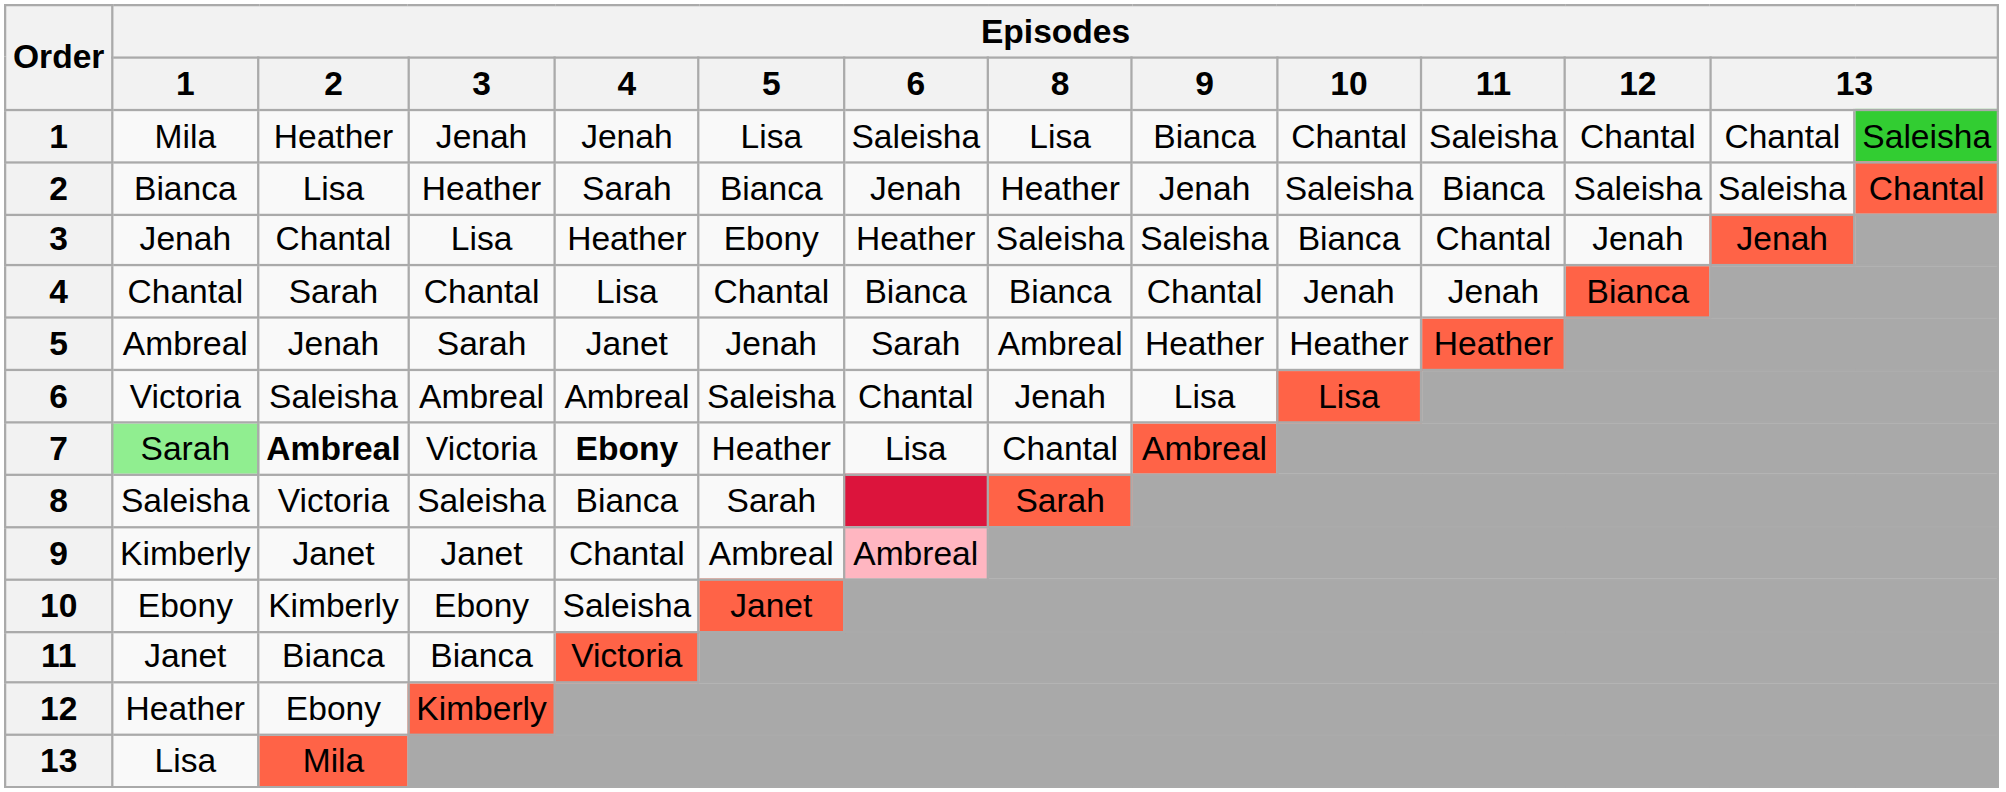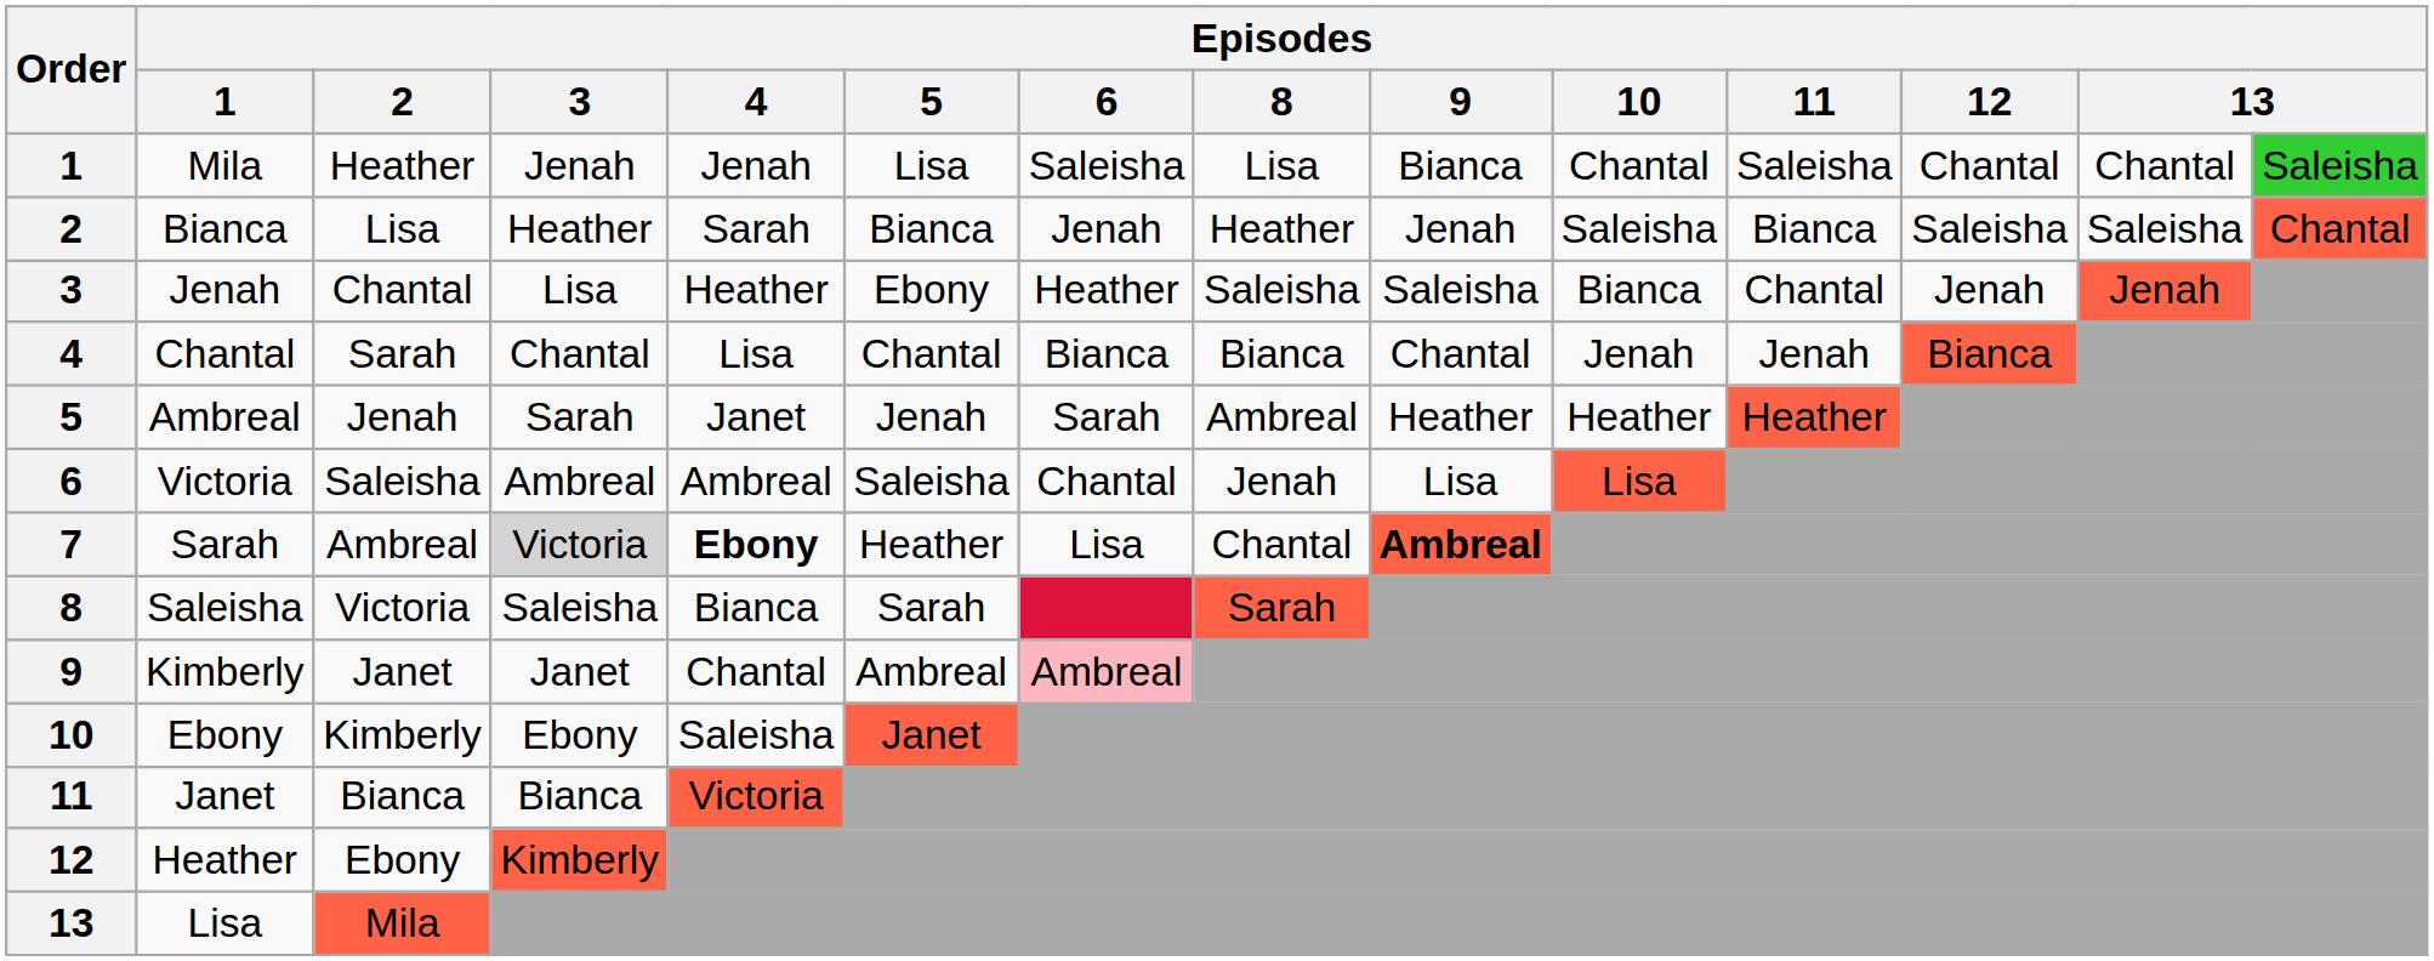 <table class="wikitable" style="text-align:center; font-size:92%">
 <tr>
 <th rowspan=2>Order</th>
 <th colspan=13>Episodes</th>
 </tr>
 <tr>
 <th>1</th>
 <th>2</th>
 <th>3</th>
 <th>4</th>
 <th>5</th>
 <th>6</th>
 <th>8</th>
 <th>9</th>
 <th>10</th>
 <th>11</th>
 <th>12</th>
 <th colspan=2>13</th>
 </tr>
 <tr>
 <th>1</th>
 <td>Mila</td>
 <td>Heather</td>
 <td>Jenah</td>
 <td>Jenah</td>
 <td>Lisa</td>
 <td>Saleisha</td>
 <td>Lisa</td>
 <td>Bianca</td>
 <td>Chantal</td>
 <td>Saleisha</td>
 <td>Chantal</td>
 <td>Chantal</td>
 <td style="background:limegreen;">Saleisha</td>
 </tr>
 <tr>
 <th>2</th>
 <td>Bianca</td>
 <td>Lisa</td>
 <td>Heather</td>
 <td>Sarah</td>
 <td>Bianca</td>
 <td>Jenah</td>
 <td>Heather</td>
 <td>Jenah</td>
 <td>Saleisha</td>
 <td>Bianca</td>
 <td>Saleisha</td>
 <td>Saleisha</td>
 <td style="background:tomato;">Chantal</td>
 </tr>
 <tr>
 <th>3</th>
 <td>Jenah</td>
 <td>Chantal</td>
 <td>Lisa</td>
 <td>Heather</td>
 <td>Ebony</td>
 <td>Heather</td>
 <td>Saleisha</td>
 <td>Saleisha</td>
 <td>Bianca</td>
 <td>Chantal</td>
 <td>Jenah</td>
 <td style="background:tomato;">Jenah</td>
 <td style="background:darkgray;" colspan=1></td>
 </tr>
 <tr>
 <th>4</th>
 <td>Chantal</td>
 <td>Sarah</td>
 <td>Chantal</td>
 <td>Lisa</td>
 <td>Chantal</td>
 <td>Bianca</td>
 <td>Bianca</td>
 <td>Chantal</td>
 <td>Jenah</td>
 <td>Jenah</td>
 <td style="background:tomato;">Bianca</td>
 <td style="background:darkgray;" colspan=2></td>
 </tr>
 <tr>
 <th>5</th>
 <td>Ambreal</td>
 <td>Jenah</td>
 <td>Sarah</td>
 <td>Janet</td>
 <td>Jenah</td>
 <td>Sarah</td>
 <td>Ambreal</td>
 <td>Heather</td>
 <td>Heather</td>
 <td style="background:tomato;">Heather</td>
 <td style="background:darkgrey" colspan=3></td>
 </tr>
 <tr>
 <th>6</th>
 <td>Victoria</td>
 <td>Saleisha</td>
 <td>Ambreal</td>
 <td>Ambreal</td>
 <td>Saleisha</td>
 <td>Chantal</td>
 <td>Jenah</td>
 <td>Lisa</td>
 <td style="background:tomato;">Lisa</td>
 <td style="background:darkgray;" colspan=4></td>
 </tr>
 <tr>
 <th>7</th>
-<td style="background: lightgreen;">Sarah</td>
-<td><strong>Ambreal</strong></td>
-<td>Victoria</td>
+<td>Sarah</td>
+<td>Ambreal</td>
+<td style="background: lightgrey;">Victoria</td>
 <td><strong>Ebony</strong></td>
 <td>Heather</td>
 <td>Lisa</td>
 <td>Chantal</td>
-<td style="background:tomato;">Ambreal</td>
+<td style="background:tomato;"><strong>Ambreal</strong></td>
 <td style="background:darkgray;" colspan=5></td>
 </tr>
 <tr>
 <th>8</th>
 <td>Saleisha</td>
 <td>Victoria</td>
 <td>Saleisha</td>
 <td>Bianca</td>
 <td>Sarah</td>
 <td bgcolor="crimson"></td>
 <td style="background:tomato;">Sarah</td>
 <td style="background:darkgray;" colspan=6></td>
 </tr>
 <tr>
 <th>9</th>
 <td>Kimberly</td>
 <td>Janet</td>
 <td>Janet</td>
 <td>Chantal</td>
 <td>Ambreal</td>
 <td bgcolor="lightpink">Ambreal</td>
 <td colspan="7" style="background:darkgray;"></td>
 </tr>
 <tr>
 <th>10</th>
 <td>Ebony</td>
 <td>Kimberly</td>
 <td>Ebony</td>
 <td>Saleisha</td>
 <td style="background:tomato;">Janet</td>
 <td colspan="8" style="background:darkgray;"></td>
 </tr>
 <tr>
 <th>11</th>
 <td>Janet</td>
 <td>Bianca</td>
 <td>Bianca</td>
 <td style="background:tomato;">Victoria</td>
 <td colspan="9" style="background:darkgray;"></td>
 </tr>
 <tr>
 <th>12</th>
 <td>Heather</td>
 <td>Ebony</td>
 <td style="background:tomato;">Kimberly</td>
 <td colspan="10" style="background:darkgray;"></td>
 </tr>
 <tr>
 <th>13</th>
 <td>Lisa</td>
 <td style="background:tomato;">Mila</td>
 <td colspan="11" style="background:darkgray;"></td>
 </tr>
 <tr>
 </tr>
 </table>
